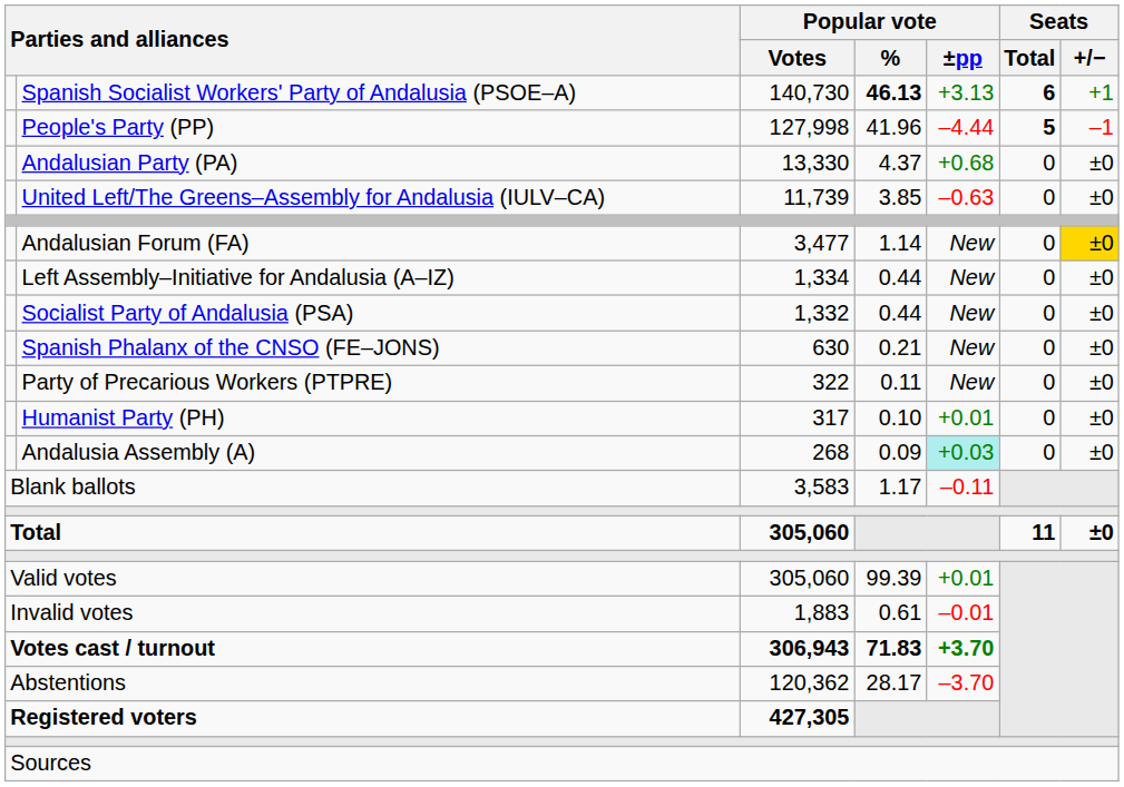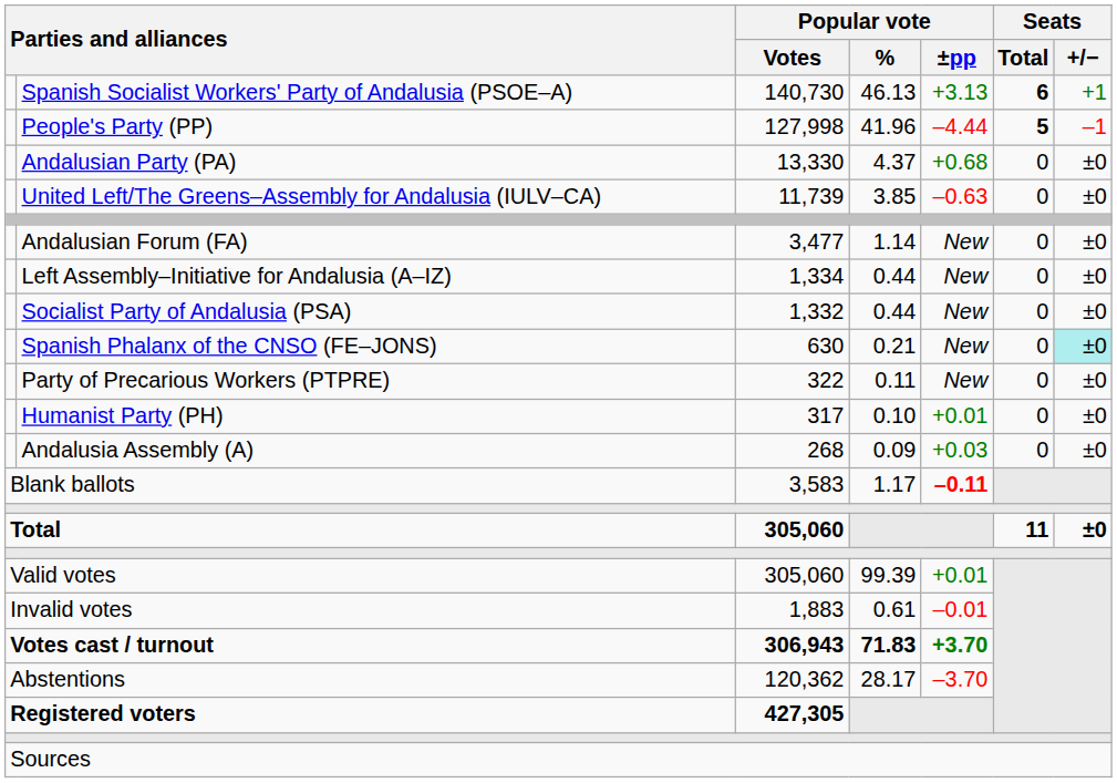 <table class="wikitable" style="text-align:right;">
 <tr>
 <th style="text-align:left;" rowspan="2" colspan="2" width="525">Parties and alliances</th>
 <th colspan="3">Popular vote</th>
 <th colspan="2">Seats</th>
 </tr>
 <tr>
 <th width="75">Votes</th>
 <th width="45">%</th>
 <th width="45">±<a href='#'>pp</a></th>
 <th width="35">Total</th>
 <th width="35">+/−</th>
 </tr>
 <tr>
 <td width="1" style="color:inherit;background:"></td>
 <td align="left"><a href='#'>Spanish Socialist Workers' Party of Andalusia</a> (PSOE–A)</td>
 <td>140,730</td>
-<td><strong>46.13</strong></td>
+<td>46.13</td>
 <td style="color:green;">+3.13</td>
 <td><strong>6</strong></td>
 <td style="color:green;">+1</td>
 </tr>
 <tr>
 <td style="color:inherit;background:"></td>
 <td align="left"><a href='#'>People's Party</a> (PP)</td>
 <td>127,998</td>
 <td>41.96</td>
 <td style="color:red;">–4.44</td>
 <td><strong>5</strong></td>
 <td style="color:red;">–1</td>
 </tr>
 <tr>
 <td style="color:inherit;background:"></td>
 <td align="left"><a href='#'>Andalusian Party</a> (PA)</td>
 <td>13,330</td>
 <td>4.37</td>
 <td style="color:green;">+0.68</td>
 <td>0</td>
 <td>±0</td>
 </tr>
 <tr>
 <td style="color:inherit;background:"></td>
 <td align="left"><a href='#'>United Left/The Greens–Assembly for Andalusia</a> (IULV–CA)</td>
 <td>11,739</td>
 <td>3.85</td>
 <td style="color:red;">–0.63</td>
 <td>0</td>
 <td>±0</td>
 </tr>
 <tr>
 <td colspan="7" bgcolor="#C0C0C0"></td>
 </tr>
 <tr>
 <td style="color:inherit;background:"></td>
 <td align="left">Andalusian Forum (FA)</td>
 <td>3,477</td>
 <td>1.14</td>
 <td><em>New</em></td>
 <td>0</td>
-<td style="background: gold;">±0</td>
+<td>±0</td>
 </tr>
 <tr>
 <td style="color:inherit;background:"></td>
 <td align="left">Left Assembly–Initiative for Andalusia (A–IZ)</td>
 <td>1,334</td>
 <td>0.44</td>
 <td><em>New</em></td>
 <td>0</td>
 <td>±0</td>
 </tr>
 <tr>
 <td width="1" style="color:inherit;background:"></td>
 <td align="left"><a href='#'>Socialist Party of Andalusia</a> (PSA)</td>
 <td>1,332</td>
 <td>0.44</td>
 <td><em>New</em></td>
 <td>0</td>
 <td>±0</td>
 </tr>
 <tr>
 <td style="color:inherit;background:"></td>
 <td align="left"><a href='#'>Spanish Phalanx of the CNSO</a> (FE–JONS)</td>
 <td>630</td>
 <td>0.21</td>
 <td><em>New</em></td>
 <td>0</td>
-<td>±0</td>
+<td style="background: paleturquoise;">±0</td>
 </tr>
 <tr>
 <td style="color:inherit;background:"></td>
 <td align="left">Party of Precarious Workers (PTPRE)</td>
 <td>322</td>
 <td>0.11</td>
 <td><em>New</em></td>
 <td>0</td>
 <td>±0</td>
 </tr>
 <tr>
 <td style="color:inherit;background:"></td>
 <td align="left"><a href='#'>Humanist Party</a> (PH)</td>
 <td>317</td>
 <td>0.10</td>
 <td style="color:green;">+0.01</td>
 <td>0</td>
 <td>±0</td>
 </tr>
 <tr>
 <td style="color:inherit;background:"></td>
 <td align="left">Andalusia Assembly (A)</td>
 <td>268</td>
 <td>0.09</td>
-<td style="background: paleturquoise; color:green;">+0.03</td>
+<td style="color:green;">+0.03</td>
 <td>0</td>
 <td>±0</td>
 </tr>
 <tr>
 <td align="left" colspan="2">Blank ballots</td>
 <td>3,583</td>
 <td>1.17</td>
-<td style="color:red;">–0.11</td>
+<td style="color:red;"><strong>–0.11</strong></td>
 <td bgcolor="#E9E9E9" colspan="2"></td>
 </tr>
 <tr>
 <td colspan="7" bgcolor="#E9E9E9"></td>
 </tr>
 <tr style="font-weight:bold;">
 <td align="left" colspan="2">Total</td>
 <td>305,060</td>
 <td bgcolor="#E9E9E9" colspan="2"></td>
 <td>11</td>
 <td>±0</td>
 </tr>
 <tr>
 <td colspan="7" bgcolor="#E9E9E9"></td>
 </tr>
 <tr>
 <td align="left" colspan="2">Valid votes</td>
 <td>305,060</td>
 <td>99.39</td>
 <td style="color:green;">+0.01</td>
 <td bgcolor="#E9E9E9" colspan="2" rowspan="5"></td>
 </tr>
 <tr>
 <td align="left" colspan="2">Invalid votes</td>
 <td>1,883</td>
 <td>0.61</td>
 <td style="color:red;">–0.01</td>
 </tr>
 <tr style="font-weight:bold;">
 <td align="left" colspan="2">Votes cast / turnout</td>
 <td>306,943</td>
 <td>71.83</td>
 <td style="color:green;">+3.70</td>
 </tr>
 <tr>
 <td align="left" colspan="2">Abstentions</td>
 <td>120,362</td>
 <td>28.17</td>
 <td style="color:red;">–3.70</td>
 </tr>
 <tr style="font-weight:bold;">
 <td align="left" colspan="2">Registered voters</td>
 <td>427,305</td>
 <td bgcolor="#E9E9E9" colspan="2"></td>
 </tr>
 <tr>
 <td colspan="7" bgcolor="#E9E9E9"></td>
 </tr>
 <tr>
 <td align="left" colspan="7">Sources</td>
 </tr>
 </table>
